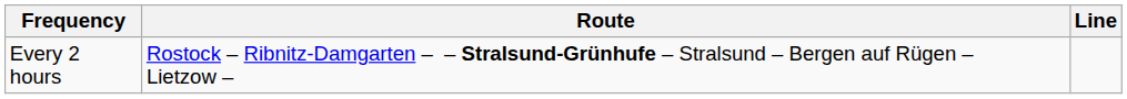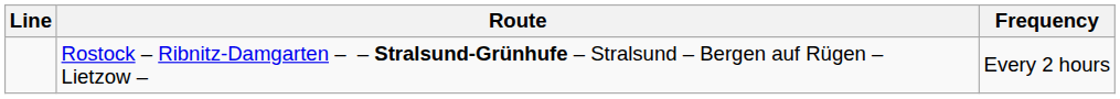 <table class="wikitable">
 <tr>
+<th>Line</th>
+<th>Route</th>
 <th>Frequency</th>
-<th>Route</th>
-<th>Line</th>
 </tr>
 <tr>
+<td></td>
+<td><a href='#'>Rostock</a> – <a href='#'>Ribnitz-Damgarten</a> –  – <strong>Stralsund-Grünhufe</strong> – Stralsund – Bergen auf Rügen – Lietzow – </td>
 <td>Every 2 hours</td>
-<td><a href='#'>Rostock</a> – <a href='#'>Ribnitz-Damgarten</a> –  – <strong>Stralsund-Grünhufe</strong> – Stralsund – Bergen auf Rügen – Lietzow – </td>
-<td></td>
 </tr>
 </table>
